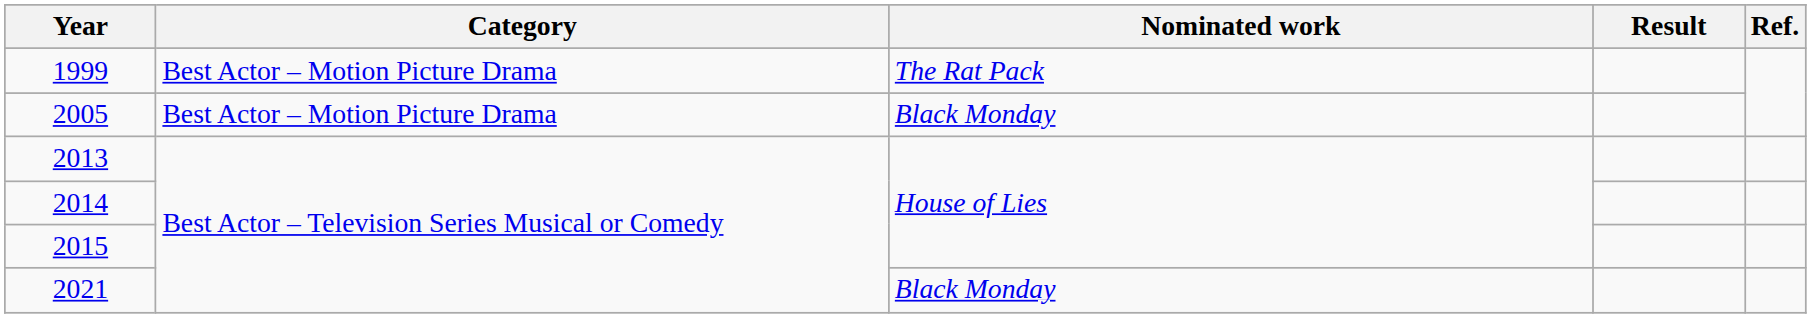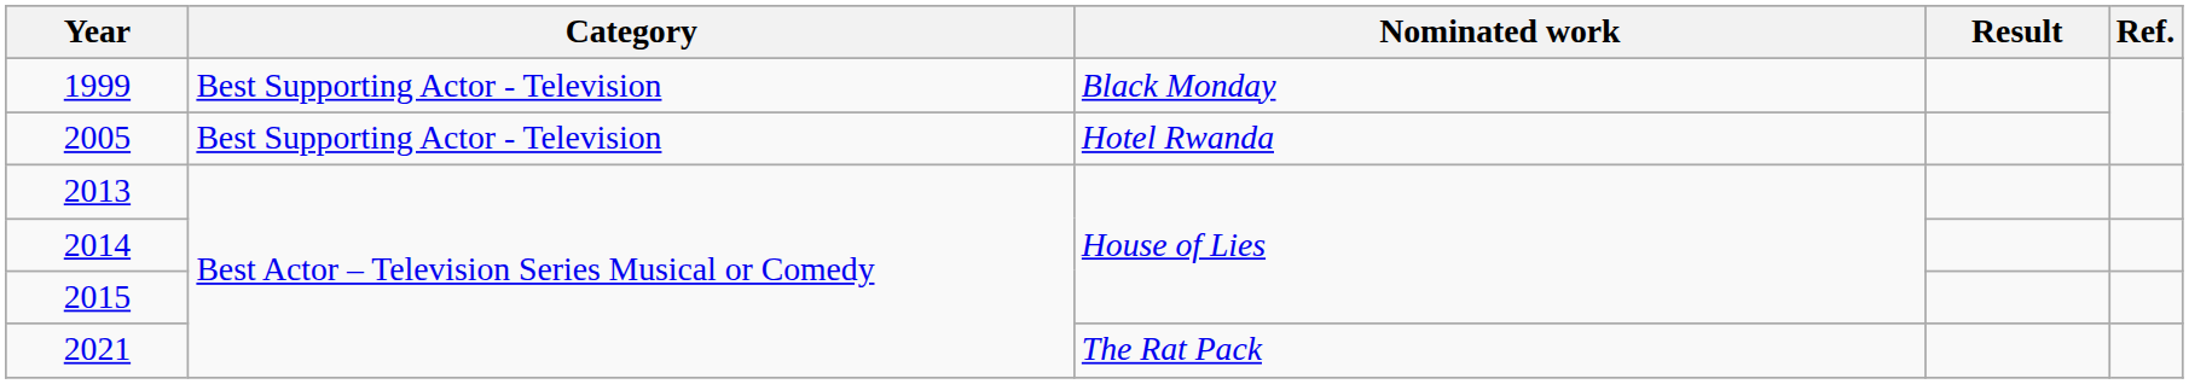 <table class=wikitable>
 <tr>
 <th scope="col" style="width:5em;">Year</th>
 <th scope="col" style="width:26em;">Category</th>
 <th scope="col" style="width:25em;">Nominated work</th>
 <th scope="col" style="width:5em;">Result</th>
 <th>Ref.</th>
 </tr>
 <tr>
 <td style="text-align:center;"><a href='#'>1999</a></td>
-<td><a href='#'>Best Actor – Motion Picture Drama</a></td>
-<td><em><a href='#'>The Rat Pack</a></em></td>
+<td><a href='#'>Best Supporting Actor - Television</a></td>
+<td><em><a href='#'>Black Monday</a></em></td>
 <td></td>
 <td style="text-align: center; "rowspan="2"></td>
 </tr>
 <tr>
 <td style="text-align:center;"><a href='#'>2005</a></td>
-<td><a href='#'>Best Actor – Motion Picture Drama</a></td>
-<td><em><a href='#'>Black Monday</a></em></td>
+<td><a href='#'>Best Supporting Actor - Television</a></td>
+<td><em><a href='#'>Hotel Rwanda</a></em></td>
 <td></td>
 </tr>
 <tr>
 <td style="text-align:center;"><a href='#'>2013</a></td>
 <td rowspan="4"><a href='#'>Best Actor – Television Series Musical or Comedy</a></td>
 <td rowspan="3"><em><a href='#'>House of Lies</a></em></td>
 <td></td>
 <td style="text-align: center;"></td>
 </tr>
 <tr>
 <td style="text-align:center;"><a href='#'>2014</a></td>
 <td></td>
 <td style="text-align: center;"></td>
 </tr>
 <tr>
 <td style="text-align:center;"><a href='#'>2015</a></td>
 <td></td>
 <td style="text-align: center;"></td>
 </tr>
 <tr>
 <td style="text-align:center;"><a href='#'>2021</a></td>
-<td><em><a href='#'>Black Monday</a></em></td>
+<td><em><a href='#'>The Rat Pack</a></em></td>
 <td></td>
 <td style="text-align: center;"></td>
 </tr>
 </table>
